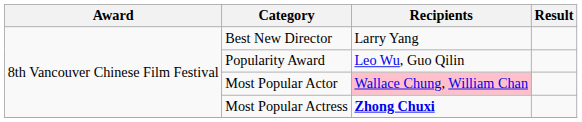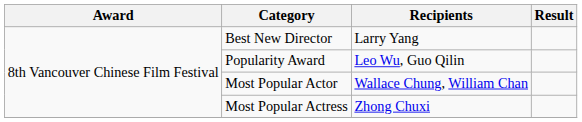 <table class="wikitable">
 <tr>
 <th>Award</th>
 <th>Category</th>
 <th>Recipients</th>
 <th>Result</th>
 </tr>
 <tr>
 <td rowspan=4>8th Vancouver Chinese Film Festival</td>
 <td>Best New Director</td>
 <td>Larry Yang</td>
 <td></td>
 </tr>
 <tr>
 <td>Popularity Award</td>
 <td><a href='#'>Leo Wu</a>, Guo Qilin</td>
 <td></td>
 </tr>
 <tr>
 <td>Most Popular Actor</td>
-<td style="background: pink;"><a href='#'>Wallace Chung</a>, <a href='#'>William Chan</a></td>
+<td><a href='#'>Wallace Chung</a>, <a href='#'>William Chan</a></td>
 <td></td>
 </tr>
 <tr>
 <td>Most Popular Actress</td>
-<td><strong><a href='#'>Zhong Chuxi</a></strong></td>
+<td><a href='#'>Zhong Chuxi</a></td>
 <td></td>
 </tr>
 <tr>
 </tr>
 </table>
